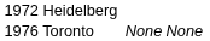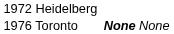 <table>
 <tr>
 <td>1972 Heidelberg <br></td>
 <td></td>
 <td></td>
 <td></td>
 </tr>
 <tr>
 <td>1976 Toronto <br></td>
 <td></td>
-<td><em>None</em></td>
+<td><strong><em>None</em></strong></td>
 <td><em>None</em></td>
 </tr>
 </table>
